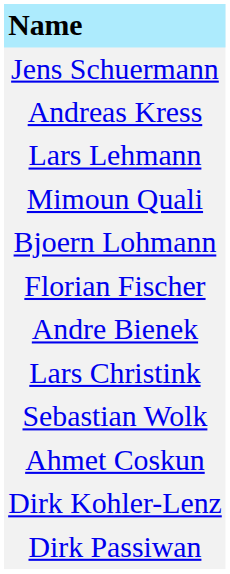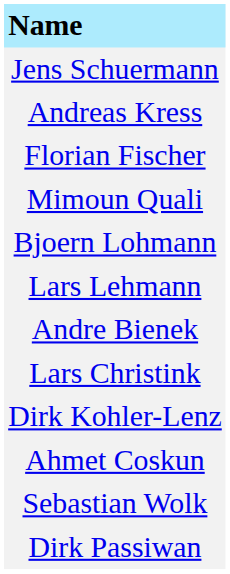 <table border=0 cellpadding=2 cellspacing=0  |- bgcolor=#F2F2F2 style="text-align:center; font-size:90%;">
 <tr bgcolor=#ADEBFD>
 <th align=left>Name</th>
 </tr>
 <tr>
 <td><a href='#'>Jens Schuermann</a></td>
 </tr>
 <tr>
 <td><a href='#'>Andreas Kress</a></td>
 </tr>
 <tr>
-<td><a href='#'>Lars Lehmann</a></td>
+<td><a href='#'>Florian Fischer</a></td>
 </tr>
 <tr>
 <td><a href='#'>Mimoun Quali</a></td>
 </tr>
 <tr>
 <td><a href='#'>Bjoern Lohmann</a></td>
 </tr>
 <tr>
-<td><a href='#'>Florian Fischer</a></td>
+<td><a href='#'>Lars Lehmann</a></td>
 </tr>
 <tr>
 <td><a href='#'>Andre Bienek</a></td>
 </tr>
 <tr>
 <td><a href='#'>Lars Christink</a></td>
 </tr>
 <tr>
-<td><a href='#'>Sebastian Wolk</a></td>
+<td><a href='#'>Dirk Kohler-Lenz</a></td>
 </tr>
 <tr>
 <td><a href='#'>Ahmet Coskun</a></td>
 </tr>
 <tr>
-<td><a href='#'>Dirk Kohler-Lenz</a></td>
+<td><a href='#'>Sebastian Wolk</a></td>
 </tr>
 <tr>
 <td><a href='#'>Dirk Passiwan</a></td>
 </tr>
 </table>
